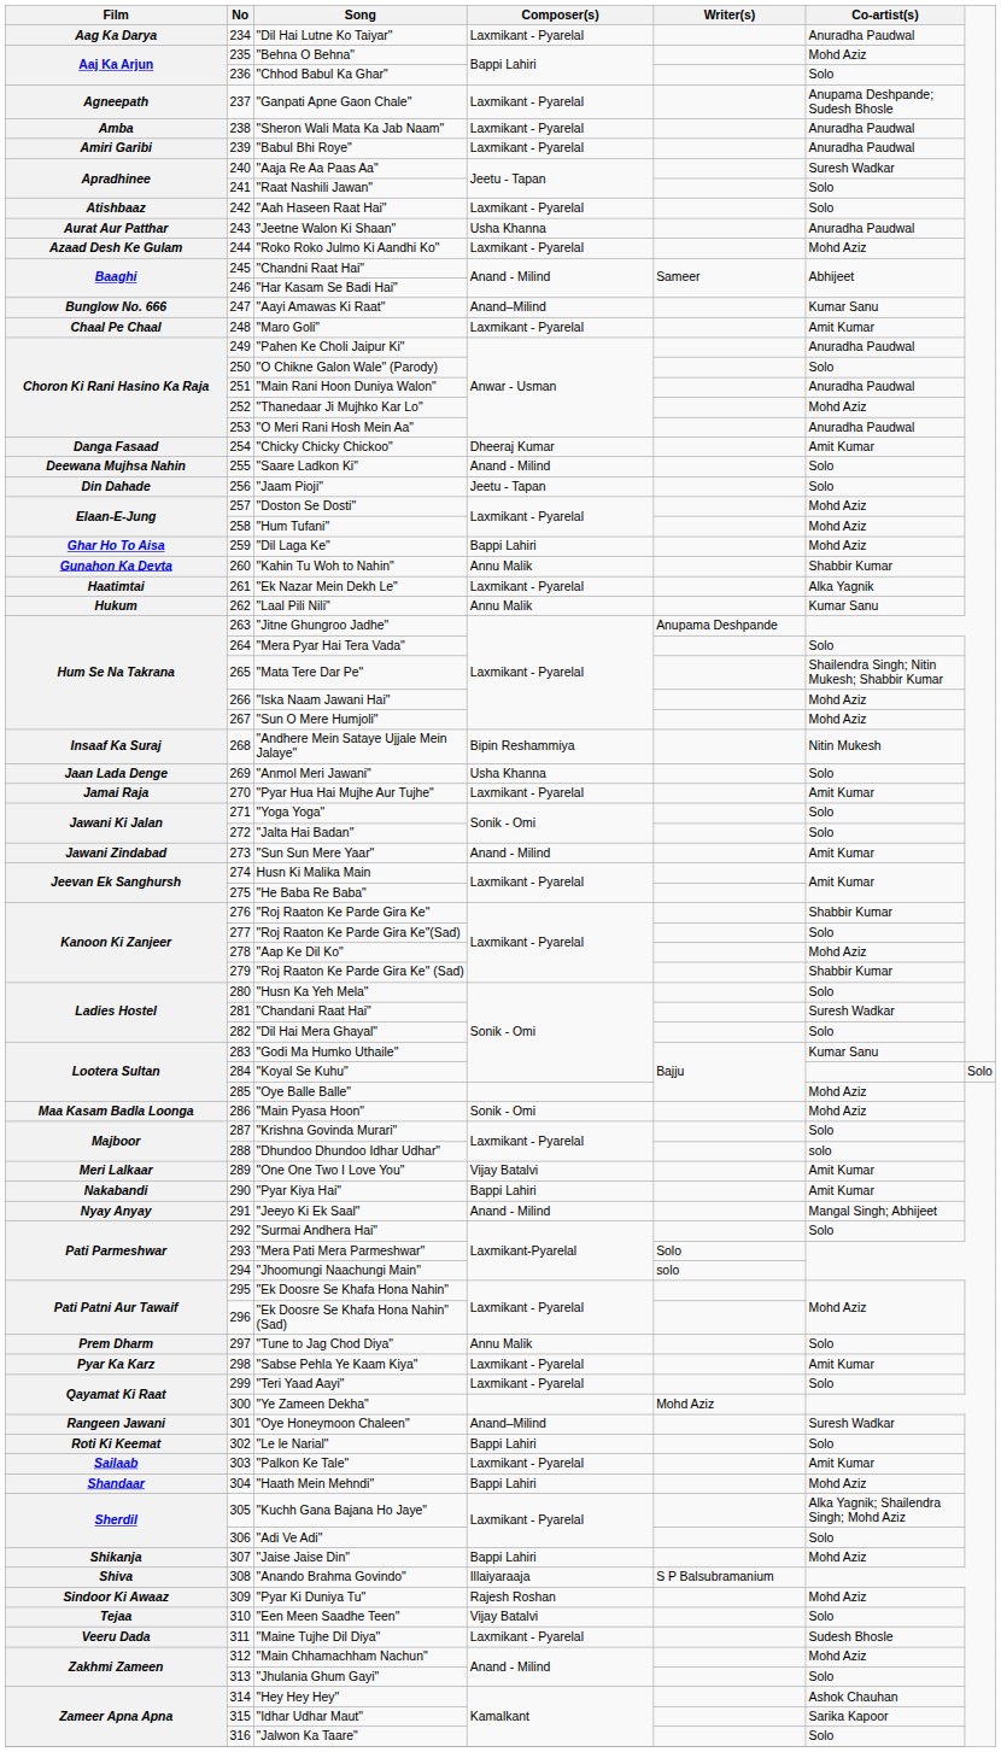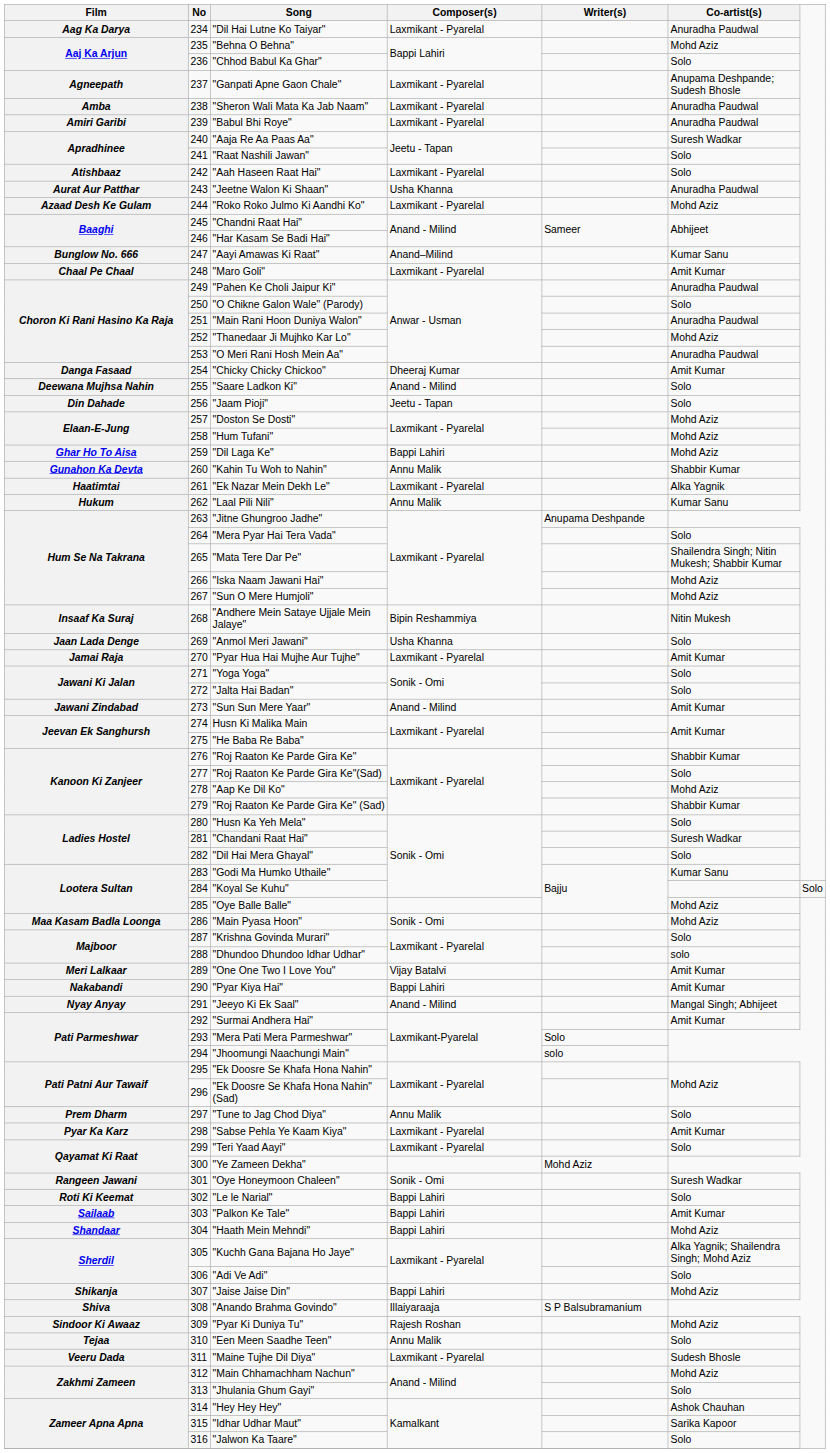 <table class="wikitable plainrowheaders" style="width:100%; textcolor:#000">
 <tr>
 <th scope="col" style="width:24%;">Film</th>
 <th>No</th>
 <th scope="col" style="width:23%;">Song</th>
 <th scope="col" style="width:20%;">Composer(s)</th>
 <th scope="col" style="width:16%;">Writer(s)</th>
 <th scope="col" style="width:18%;">Co-artist(s)</th>
 </tr>
 <tr>
 <th><em>Aag Ka Darya</em></th>
 <td>234</td>
 <td>"Dil Hai Lutne Ko Taiyar"</td>
 <td>Laxmikant - Pyarelal</td>
 <td></td>
 <td>Anuradha Paudwal</td>
 </tr>
 <tr>
 <th rowspan=2><a href='#'>Aaj Ka Arjun</a></th>
 <td>235</td>
 <td>"Behna O Behna"</td>
 <td rowspan=2>Bappi Lahiri</td>
 <td></td>
 <td>Mohd Aziz</td>
 </tr>
 <tr>
 <td>236</td>
 <td>"Chhod Babul Ka Ghar"</td>
 <td></td>
 <td>Solo</td>
 </tr>
 <tr>
 <th><em>Agneepath</em></th>
 <td>237</td>
 <td>"Ganpati Apne Gaon Chale"</td>
 <td>Laxmikant - Pyarelal</td>
 <td></td>
 <td>Anupama Deshpande; Sudesh Bhosle</td>
 </tr>
 <tr>
 <th><em>Amba</em></th>
 <td>238</td>
 <td>"Sheron Wali Mata Ka Jab Naam"</td>
 <td>Laxmikant - Pyarelal</td>
 <td></td>
 <td>Anuradha Paudwal</td>
 </tr>
 <tr>
 <th><em>Amiri Garibi</em></th>
 <td>239</td>
 <td>"Babul Bhi Roye"</td>
 <td>Laxmikant - Pyarelal</td>
 <td></td>
 <td>Anuradha Paudwal</td>
 </tr>
 <tr>
 <th rowspan=2><em>Apradhinee</em></th>
 <td>240</td>
 <td>"Aaja Re Aa Paas Aa"</td>
 <td rowspan=2>Jeetu - Tapan</td>
 <td></td>
 <td>Suresh Wadkar</td>
 </tr>
 <tr>
 <td>241</td>
 <td>"Raat Nashili Jawan"</td>
 <td></td>
 <td>Solo</td>
 </tr>
 <tr>
 <th><em>Atishbaaz</em></th>
 <td>242</td>
 <td>"Aah Haseen Raat Hai"</td>
 <td>Laxmikant - Pyarelal</td>
 <td></td>
 <td>Solo</td>
 </tr>
 <tr>
 <th><em>Aurat Aur Patthar</em></th>
 <td>243</td>
 <td>"Jeetne Walon Ki Shaan"</td>
 <td>Usha Khanna</td>
 <td></td>
 <td>Anuradha Paudwal</td>
 </tr>
 <tr>
 <th><em>Azaad Desh Ke Gulam</em></th>
 <td>244</td>
 <td>"Roko Roko Julmo Ki Aandhi Ko"</td>
 <td>Laxmikant - Pyarelal</td>
 <td></td>
 <td>Mohd Aziz</td>
 </tr>
 <tr>
 <th rowspan=2><em><a href='#'>Baaghi</a></em></th>
 <td>245</td>
 <td>"Chandni Raat Hai"</td>
 <td rowspan=2>Anand - Milind</td>
 <td rowspan=2>Sameer</td>
 <td rowspan=2>Abhijeet</td>
 </tr>
 <tr>
 <td>246</td>
 <td>"Har Kasam Se Badi Hai"</td>
 </tr>
 <tr>
 <th><em>Bunglow No. 666</em></th>
 <td>247</td>
 <td>"Aayi Amawas Ki Raat"</td>
 <td>Anand–Milind</td>
 <td></td>
 <td>Kumar Sanu</td>
 </tr>
 <tr>
 <th><em>Chaal Pe Chaal</em></th>
 <td>248</td>
 <td>"Maro Goli"</td>
 <td>Laxmikant - Pyarelal</td>
 <td></td>
 <td>Amit Kumar</td>
 </tr>
 <tr>
 <th rowspan=5><em>Choron Ki Rani Hasino Ka Raja</em></th>
 <td>249</td>
 <td>"Pahen Ke Choli Jaipur Ki"</td>
 <td rowspan=5>Anwar - Usman</td>
 <td></td>
 <td>Anuradha Paudwal</td>
 </tr>
 <tr>
 <td>250</td>
 <td>"O Chikne Galon Wale" (Parody)</td>
 <td></td>
 <td>Solo</td>
 </tr>
 <tr>
 <td>251</td>
 <td>"Main Rani Hoon Duniya Walon"</td>
 <td></td>
 <td>Anuradha Paudwal</td>
 </tr>
 <tr>
 <td>252</td>
 <td>"Thanedaar Ji Mujhko Kar Lo"</td>
 <td></td>
 <td>Mohd Aziz</td>
 </tr>
 <tr>
 <td>253</td>
 <td>"O Meri Rani Hosh Mein Aa"</td>
 <td></td>
 <td>Anuradha Paudwal</td>
 </tr>
 <tr>
 <th><em>Danga Fasaad</em></th>
 <td>254</td>
 <td>"Chicky Chicky Chickoo"</td>
 <td>Dheeraj Kumar</td>
 <td></td>
 <td>Amit Kumar</td>
 </tr>
 <tr>
 <th><em>Deewana Mujhsa Nahin</em></th>
 <td>255</td>
 <td>"Saare Ladkon Ki"</td>
 <td>Anand - Milind</td>
 <td></td>
 <td>Solo</td>
 </tr>
 <tr>
 <th rowspan=1><em>Din Dahade</em></th>
 <td>256</td>
 <td>"Jaam Pioji"</td>
 <td>Jeetu - Tapan</td>
 <td></td>
 <td>Solo</td>
 </tr>
 <tr>
 <th rowspan=2><em>Elaan-E-Jung</em></th>
 <td>257</td>
 <td>"Doston Se Dosti"</td>
 <td rowspan=2>Laxmikant - Pyarelal</td>
 <td></td>
 <td>Mohd Aziz</td>
 </tr>
 <tr>
 <td>258</td>
 <td>"Hum Tufani"</td>
 <td></td>
 <td>Mohd Aziz</td>
 </tr>
 <tr>
 <th><em><a href='#'>Ghar Ho To Aisa</a></em></th>
 <td>259</td>
 <td>"Dil Laga Ke"</td>
 <td>Bappi Lahiri</td>
 <td></td>
 <td>Mohd Aziz</td>
 </tr>
 <tr>
 <th><em><a href='#'>Gunahon Ka Devta</a></em></th>
 <td>260</td>
 <td>"Kahin Tu Woh to Nahin"</td>
 <td>Annu Malik</td>
 <td></td>
 <td>Shabbir Kumar</td>
 </tr>
 <tr>
 <th><em>Haatimtai</em></th>
 <td>261</td>
 <td>"Ek Nazar Mein Dekh Le"</td>
 <td>Laxmikant - Pyarelal</td>
 <td></td>
 <td>Alka Yagnik</td>
 </tr>
 <tr>
 <th><em>Hukum</em></th>
 <td>262</td>
 <td>"Laal Pili Nili"</td>
 <td>Annu Malik</td>
 <td></td>
 <td>Kumar Sanu</td>
 </tr>
 <tr>
 <th rowspan=5><em>Hum Se Na Takrana</em></th>
 <td>263</td>
 <td>"Jitne Ghungroo Jadhe"</td>
 <td rowspan=5>Laxmikant - Pyarelal</td>
 <td>Anupama Deshpande</td>
 </tr>
 <tr>
 <td>264</td>
 <td>"Mera Pyar Hai Tera Vada"</td>
 <td></td>
 <td>Solo</td>
 </tr>
 <tr>
 <td>265</td>
 <td>"Mata Tere Dar Pe"</td>
 <td></td>
 <td>Shailendra Singh; Nitin Mukesh; Shabbir Kumar</td>
 </tr>
 <tr>
 <td>266</td>
 <td>"Iska Naam Jawani Hai"</td>
 <td></td>
 <td>Mohd Aziz</td>
 </tr>
 <tr>
 <td>267</td>
 <td>"Sun O Mere Humjoli"</td>
 <td></td>
 <td>Mohd Aziz</td>
 </tr>
 <tr>
 <th><em>Insaaf Ka Suraj</em></th>
 <td>268</td>
 <td>"Andhere Mein Sataye Ujjale Mein Jalaye"</td>
 <td>Bipin Reshammiya</td>
 <td></td>
 <td>Nitin Mukesh</td>
 </tr>
 <tr>
 <th><em>Jaan Lada Denge</em></th>
 <td>269</td>
 <td>"Anmol Meri Jawani"</td>
 <td>Usha Khanna</td>
 <td></td>
 <td>Solo</td>
 </tr>
 <tr>
 <th><em>Jamai Raja</em></th>
 <td>270</td>
 <td>"Pyar Hua Hai Mujhe Aur Tujhe"</td>
 <td>Laxmikant - Pyarelal</td>
 <td></td>
 <td>Amit Kumar</td>
 </tr>
 <tr>
 <th rowspan=2><em>Jawani Ki Jalan</em></th>
 <td>271</td>
 <td>"Yoga Yoga"</td>
 <td rowspan=2>Sonik - Omi</td>
 <td></td>
 <td>Solo</td>
 </tr>
 <tr>
 <td>272</td>
 <td>"Jalta Hai Badan"</td>
 <td></td>
 <td>Solo</td>
 </tr>
 <tr>
 <th><em>Jawani Zindabad</em></th>
 <td>273</td>
 <td>"Sun Sun Mere Yaar"</td>
 <td>Anand - Milind</td>
 <td></td>
 <td>Amit Kumar</td>
 </tr>
 <tr>
 <th rowspan=2><em>Jeevan Ek Sanghursh</em></th>
 <td>274</td>
 <td>Husn Ki Malika Main</td>
 <td rowspan=2>Laxmikant - Pyarelal</td>
 <td></td>
 <td rowspan=2>Amit Kumar</td>
 </tr>
 <tr>
 <td>275</td>
 <td>"He Baba Re Baba"</td>
 <td></td>
 </tr>
 <tr>
 <th rowspan=4><em>Kanoon Ki Zanjeer</em></th>
 <td>276</td>
 <td>"Roj Raaton Ke Parde Gira Ke"</td>
 <td rowspan=4>Laxmikant - Pyarelal</td>
 <td></td>
 <td>Shabbir Kumar</td>
 </tr>
 <tr>
 <td>277</td>
 <td>"Roj Raaton Ke Parde Gira Ke"(Sad)</td>
 <td></td>
 <td>Solo</td>
 </tr>
 <tr>
 <td>278</td>
 <td>"Aap Ke Dil Ko"</td>
 <td></td>
 <td>Mohd Aziz</td>
 </tr>
 <tr>
 <td>279</td>
 <td>"Roj Raaton Ke Parde Gira Ke" (Sad)</td>
 <td></td>
 <td>Shabbir Kumar</td>
 </tr>
 <tr>
 <th rowspan=3><em>Ladies Hostel</em></th>
 <td>280</td>
 <td>"Husn Ka Yeh Mela"</td>
 <td rowspan=5>Sonik - Omi</td>
 <td></td>
 <td>Solo</td>
 </tr>
 <tr>
 <td>281</td>
 <td>"Chandani Raat Hai"</td>
 <td></td>
 <td>Suresh Wadkar</td>
 </tr>
 <tr>
 <td>282</td>
 <td>"Dil Hai Mera Ghayal"</td>
 <td></td>
 <td>Solo</td>
 </tr>
 <tr>
 <th rowspan=3><em>Lootera Sultan</em></th>
 <td>283</td>
 <td>"Godi Ma Humko Uthaile"</td>
 <td rowspan=3>Bajju</td>
 <td>Kumar Sanu</td>
 </tr>
 <tr>
 <td>284</td>
 <td>"Koyal Se Kuhu"</td>
 <td></td>
 <td>Solo</td>
 </tr>
 <tr>
 <td>285</td>
 <td>"Oye Balle Balle"</td>
 <td></td>
 <td>Mohd Aziz</td>
 </tr>
 <tr>
 <th><em>Maa Kasam Badla Loonga</em></th>
 <td>286</td>
 <td>"Main Pyasa Hoon"</td>
 <td>Sonik - Omi</td>
 <td></td>
 <td>Mohd Aziz</td>
 </tr>
 <tr>
 <th rowspan=2><em>Majboor</em></th>
 <td>287</td>
 <td>"Krishna Govinda Murari"</td>
 <td rowspan=2>Laxmikant - Pyarelal</td>
 <td></td>
 <td>Solo</td>
 </tr>
 <tr>
 <td>288</td>
 <td>"Dhundoo Dhundoo Idhar Udhar"</td>
 <td></td>
 <td>solo</td>
 </tr>
 <tr>
 <th><em>Meri Lalkaar</em></th>
 <td>289</td>
 <td>"One One Two I Love You"</td>
 <td>Vijay Batalvi</td>
 <td></td>
 <td>Amit Kumar</td>
 </tr>
 <tr>
 <th><em>Nakabandi</em></th>
 <td>290</td>
 <td>"Pyar Kiya Hai"</td>
 <td>Bappi Lahiri</td>
 <td></td>
 <td>Amit Kumar</td>
 </tr>
 <tr>
 <th><em>Nyay Anyay</em></th>
 <td>291</td>
 <td>"Jeeyo Ki Ek Saal"</td>
 <td>Anand - Milind</td>
 <td></td>
 <td>Mangal Singh; Abhijeet</td>
 </tr>
 <tr>
 <th rowspan=3><em>Pati Parmeshwar</em></th>
 <td>292</td>
 <td>"Surmai Andhera Hai"</td>
 <td rowspan="3">Laxmikant-Pyarelal</td>
 <td></td>
-<td>Solo</td>
+<td>Amit Kumar</td>
 </tr>
 <tr>
 <td>293</td>
 <td>"Mera Pati Mera Parmeshwar"</td>
 <td>Solo</td>
 </tr>
 <tr>
 <td>294</td>
 <td>"Jhoomungi Naachungi Main"</td>
 <td>solo</td>
 </tr>
 <tr>
 <th rowspan=2><em>Pati Patni Aur Tawaif</em></th>
 <td>295</td>
 <td>"Ek Doosre Se Khafa Hona Nahin"</td>
 <td rowspan=2>Laxmikant - Pyarelal</td>
 <td></td>
 <td rowspan=2>Mohd Aziz</td>
 </tr>
 <tr>
 <td>296</td>
 <td>"Ek Doosre Se Khafa Hona Nahin" (Sad)</td>
 <td></td>
 </tr>
 <tr>
 <th><em>Prem Dharm</em></th>
 <td>297</td>
 <td>"Tune to Jag Chod Diya"</td>
 <td>Annu Malik</td>
 <td></td>
 <td>Solo</td>
 </tr>
 <tr>
 <th><em>Pyar Ka Karz</em></th>
 <td>298</td>
 <td>"Sabse Pehla Ye Kaam Kiya"</td>
 <td>Laxmikant - Pyarelal</td>
 <td></td>
 <td>Amit Kumar</td>
 </tr>
 <tr>
 <th rowspan=2><em>Qayamat Ki Raat</em></th>
 <td>299</td>
 <td>"Teri Yaad Aayi"</td>
 <td>Laxmikant - Pyarelal</td>
 <td></td>
 <td>Solo</td>
 </tr>
 <tr>
 <td>300</td>
 <td>"Ye Zameen Dekha"</td>
 <td></td>
 <td>Mohd Aziz</td>
 </tr>
 <tr>
 <th><em>Rangeen Jawani</em></th>
 <td>301</td>
 <td>"Oye Honeymoon Chaleen"</td>
-<td>Anand–Milind</td>
+<td>Sonik - Omi</td>
 <td></td>
 <td>Suresh Wadkar</td>
 </tr>
 <tr>
 <th><em>Roti Ki Keemat</em></th>
 <td>302</td>
 <td>"Le le Narial"</td>
 <td>Bappi Lahiri</td>
 <td></td>
 <td>Solo</td>
 </tr>
 <tr>
 <th><em><a href='#'>Sailaab</a></em></th>
 <td>303</td>
 <td>"Palkon Ke Tale"</td>
-<td>Laxmikant - Pyarelal</td>
+<td>Bappi Lahiri</td>
 <td></td>
 <td>Amit Kumar</td>
 </tr>
 <tr>
 <th><em><a href='#'>Shandaar</a></em></th>
 <td>304</td>
 <td>"Haath Mein Mehndi"</td>
 <td>Bappi Lahiri</td>
 <td></td>
 <td>Mohd Aziz</td>
 </tr>
 <tr>
 <th rowspan=2><em><a href='#'>Sherdil</a></em></th>
 <td>305</td>
 <td>"Kuchh Gana Bajana Ho Jaye"</td>
 <td rowspan=2>Laxmikant - Pyarelal</td>
 <td></td>
 <td>Alka Yagnik;  Shailendra Singh; Mohd Aziz</td>
 </tr>
 <tr>
 <td>306</td>
 <td>"Adi Ve Adi"</td>
 <td></td>
 <td>Solo</td>
 </tr>
 <tr>
 <th><em>Shikanja</em></th>
 <td>307</td>
 <td>"Jaise Jaise Din"</td>
 <td>Bappi Lahiri</td>
 <td></td>
 <td>Mohd Aziz</td>
 </tr>
 <tr>
 <th><em>Shiva</em></th>
 <td>308</td>
 <td>"Anando Brahma Govindo"</td>
 <td>Illaiyaraaja</td>
 <td>S P Balsubramanium</td>
 </tr>
 <tr>
 <th><em>Sindoor Ki Awaaz</em></th>
 <td>309</td>
 <td>"Pyar Ki Duniya Tu"</td>
 <td>Rajesh Roshan</td>
 <td></td>
 <td>Mohd Aziz</td>
 </tr>
 <tr>
 <th><em>Tejaa</em></th>
 <td>310</td>
 <td>"Een Meen Saadhe Teen"</td>
-<td>Vijay Batalvi</td>
+<td>Annu Malik</td>
 <td></td>
 <td>Solo</td>
 </tr>
 <tr>
 <th><em>Veeru Dada</em></th>
 <td>311</td>
 <td>"Maine Tujhe Dil Diya"</td>
 <td>Laxmikant - Pyarelal</td>
 <td></td>
 <td>Sudesh Bhosle</td>
 </tr>
 <tr>
 <th rowspan="2"><em>Zakhmi Zameen</em></th>
 <td>312</td>
 <td>"Main Chhamachham Nachun"</td>
 <td rowspan="2">Anand - Milind</td>
 <td></td>
 <td>Mohd Aziz</td>
 </tr>
 <tr>
 <td>313</td>
 <td>"Jhulania Ghum Gayi"</td>
 <td></td>
 <td>Solo</td>
 </tr>
 <tr>
 <th rowspan=3><em>Zameer Apna Apna</em></th>
 <td>314</td>
 <td>"Hey Hey Hey"</td>
 <td rowspan=3>Kamalkant</td>
 <td></td>
 <td>Ashok Chauhan</td>
 </tr>
 <tr>
 <td>315</td>
 <td>"Idhar Udhar Maut"</td>
 <td></td>
 <td>Sarika Kapoor</td>
 </tr>
 <tr>
 <td>316</td>
 <td>"Jalwon Ka Taare"</td>
 <td></td>
 <td>Solo</td>
 </tr>
 <tr>
 </tr>
 </table>
